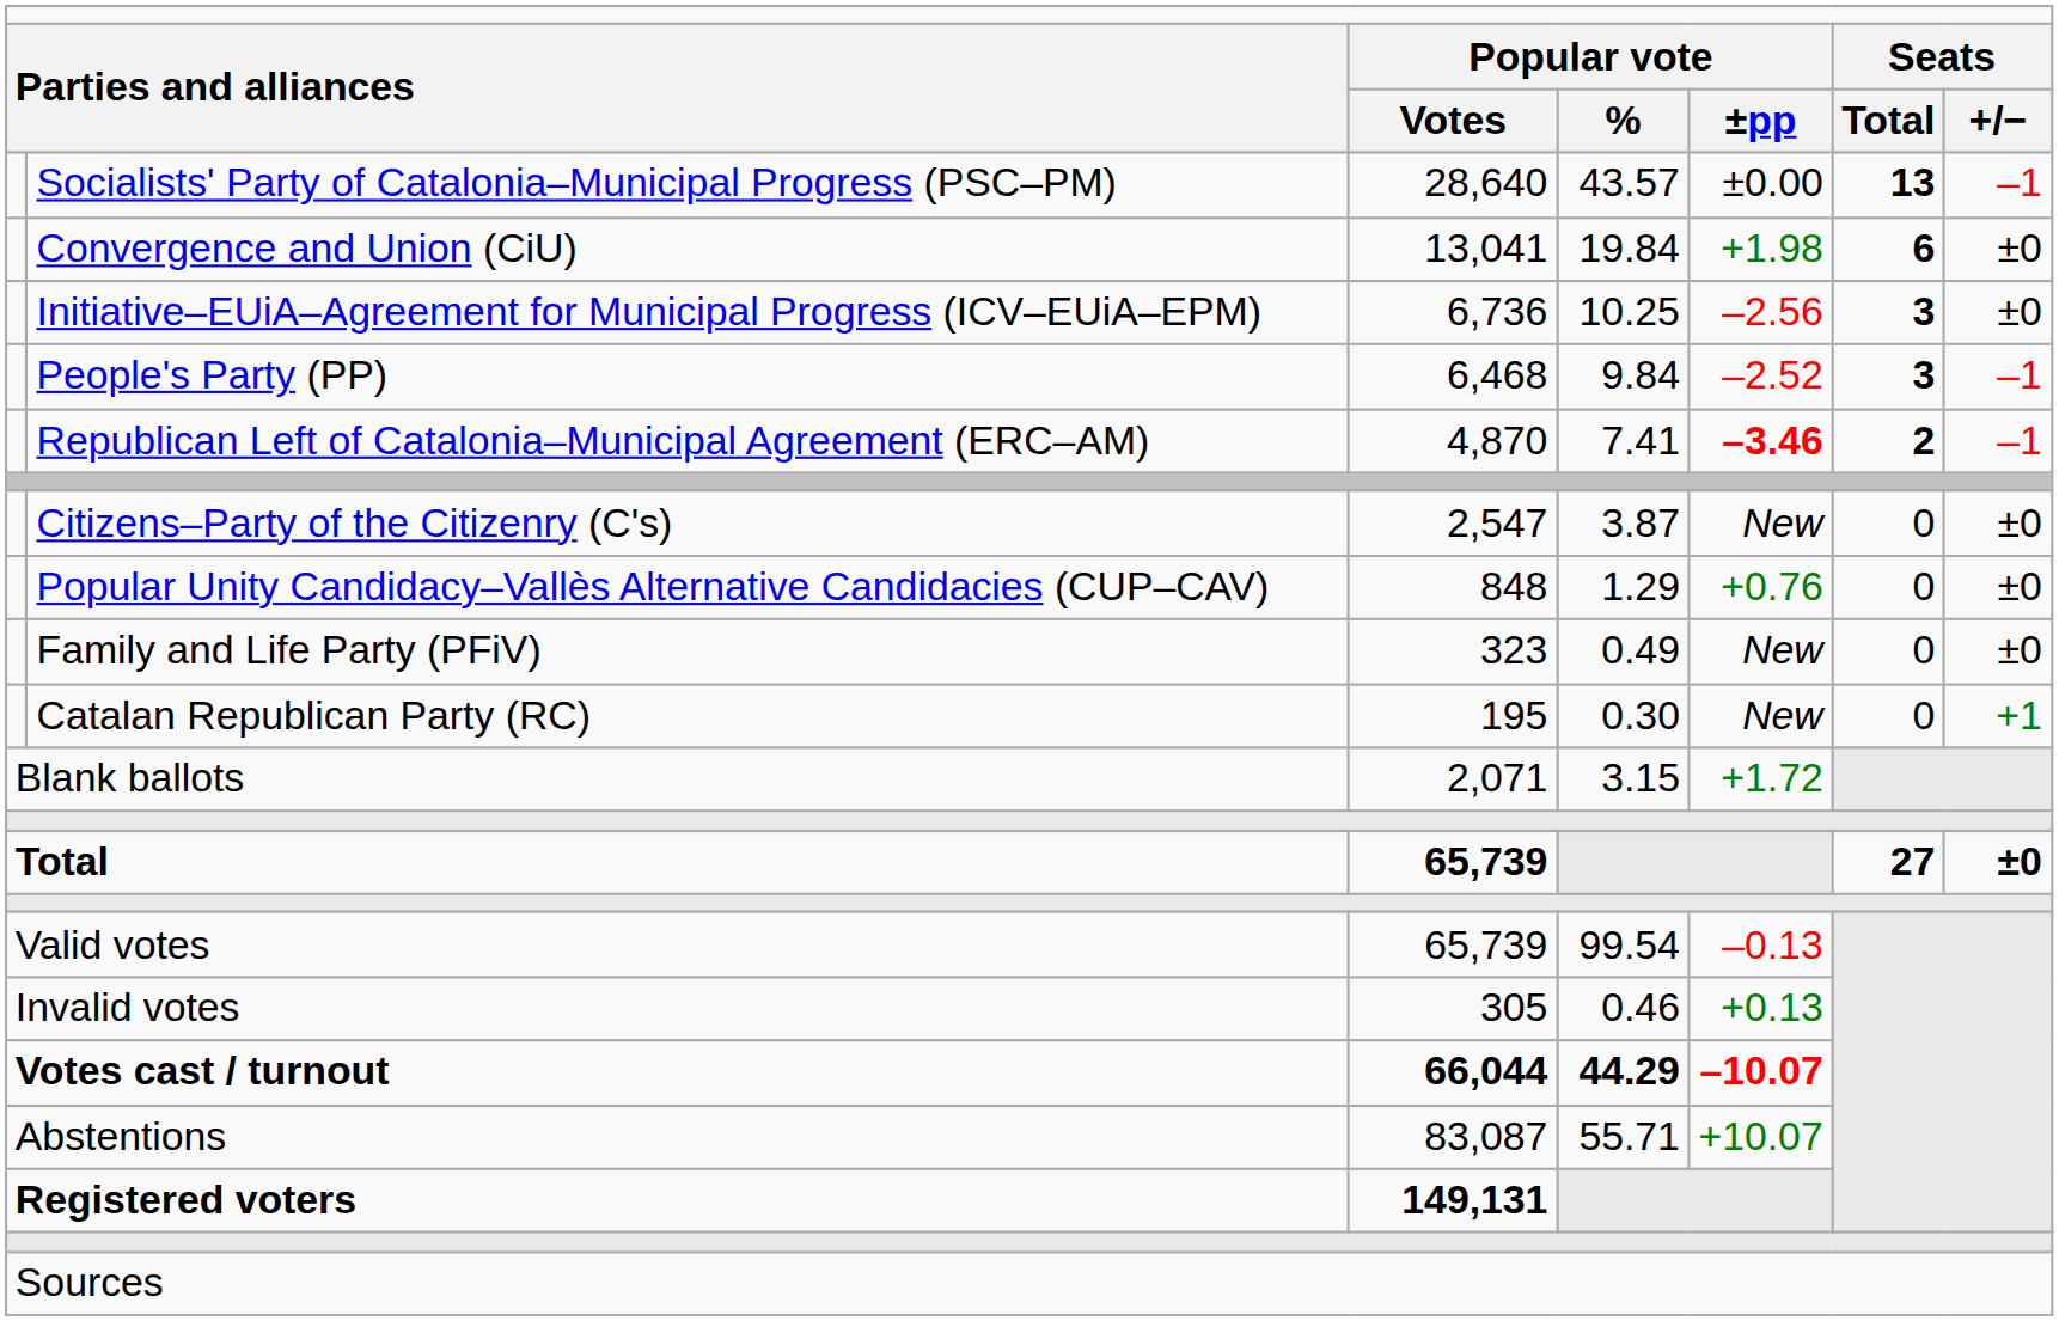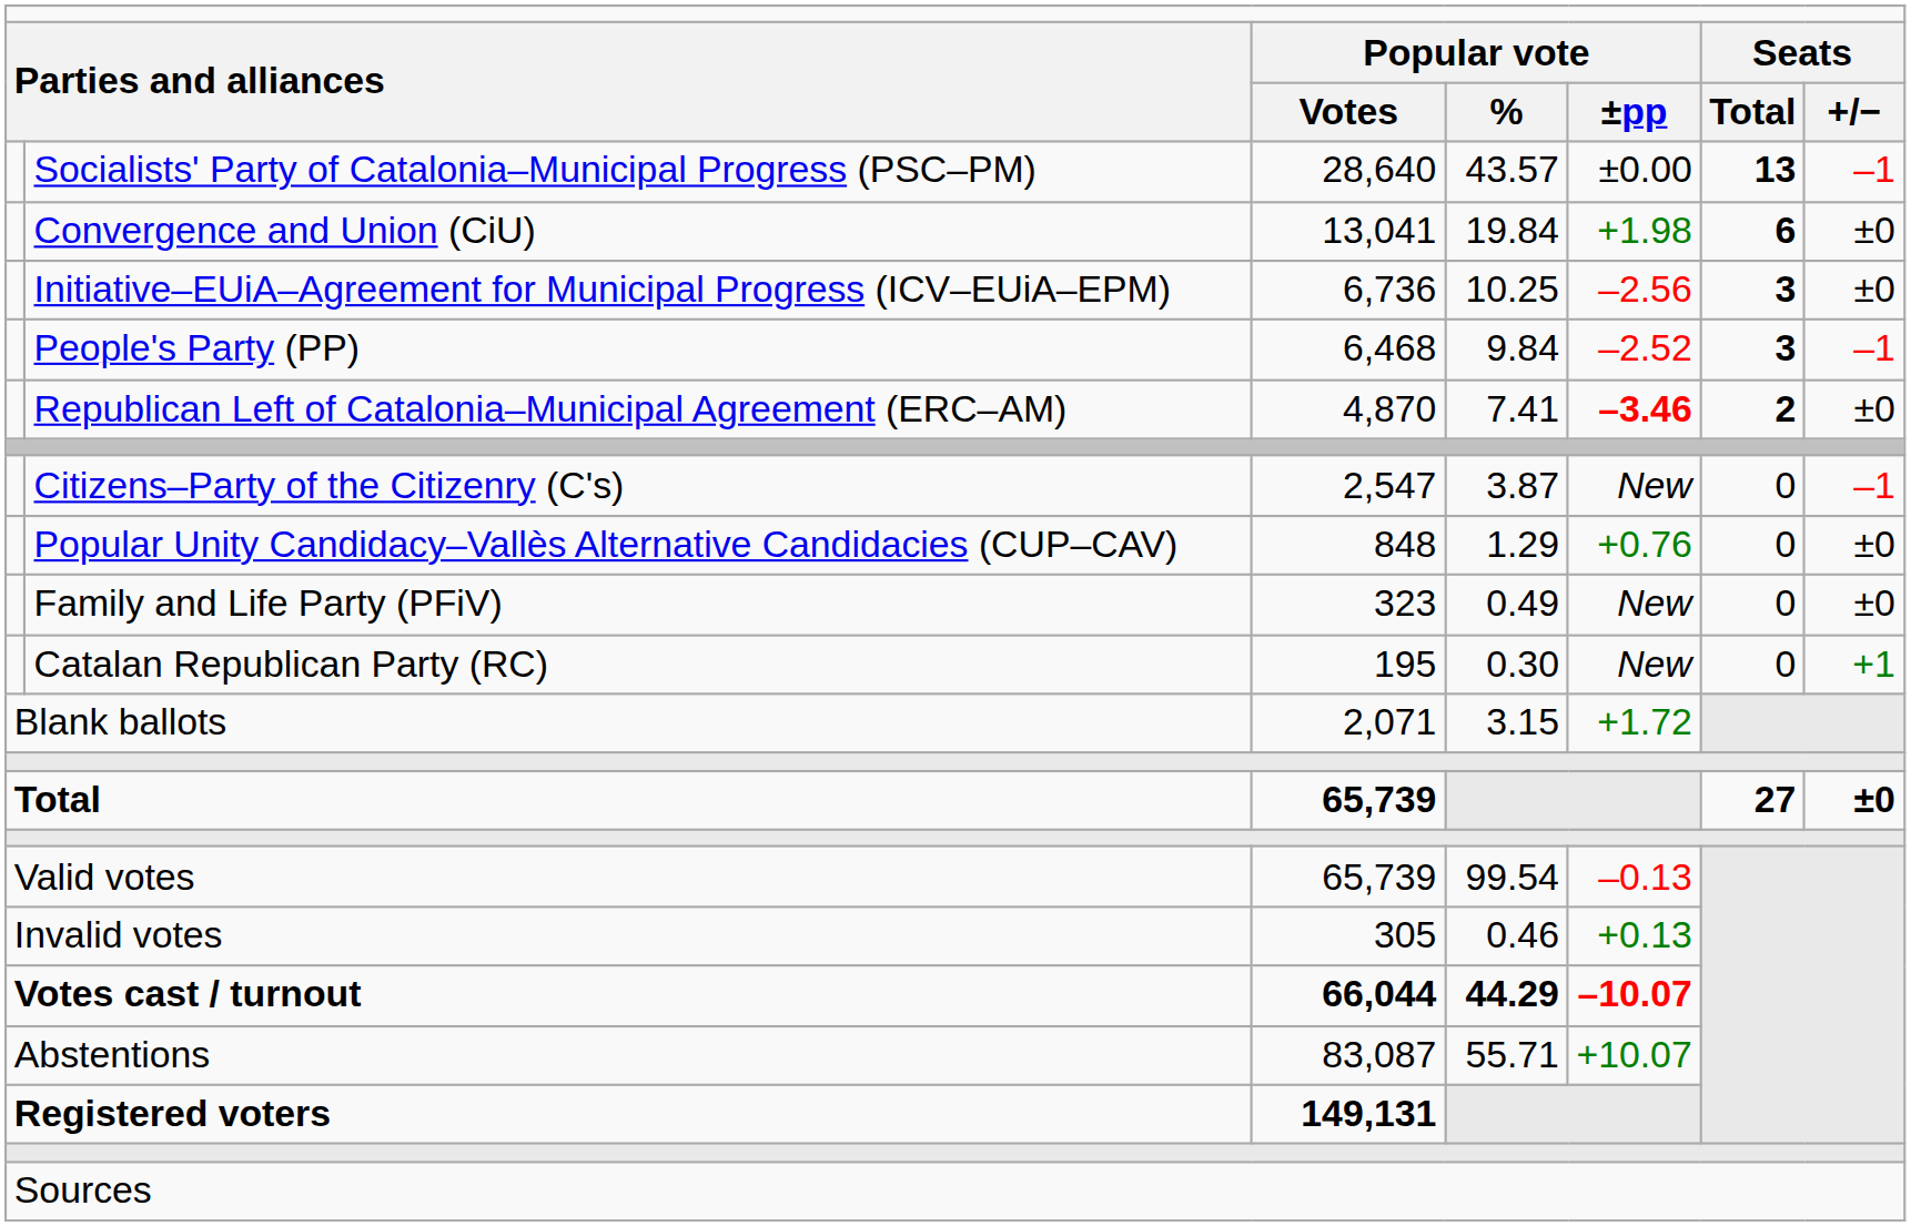 <table class="wikitable" style="text-align:right;">
 <tr>
 <td colspan="7"></td>
 </tr>
 <tr>
 <th style="text-align:left;" rowspan="2" colspan="2" width="525">Parties and alliances</th>
 <th colspan="3">Popular vote</th>
 <th colspan="2">Seats</th>
 </tr>
 <tr>
 <th width="75">Votes</th>
 <th width="45">%</th>
 <th width="45">±<a href='#'>pp</a></th>
 <th width="35">Total</th>
 <th width="35">+/−</th>
 </tr>
 <tr>
 <td width="1" style="color:inherit;background:"></td>
 <td align="left"><a href='#'>Socialists' Party of Catalonia–Municipal Progress</a> (PSC–PM)</td>
 <td>28,640</td>
 <td>43.57</td>
 <td>±0.00</td>
 <td><strong>13</strong></td>
 <td style="color:red;">–1</td>
 </tr>
 <tr>
 <td style="color:inherit;background:"></td>
 <td align="left"><a href='#'>Convergence and Union</a> (CiU)</td>
 <td>13,041</td>
 <td>19.84</td>
 <td style="color:green;">+1.98</td>
 <td><strong>6</strong></td>
 <td>±0</td>
 </tr>
 <tr>
 <td style="color:inherit;background:"></td>
 <td align="left"><a href='#'>Initiative–EUiA–Agreement for Municipal Progress</a> (ICV–EUiA–EPM)</td>
 <td>6,736</td>
 <td>10.25</td>
 <td style="color:red;">–2.56</td>
 <td><strong>3</strong></td>
 <td>±0</td>
 </tr>
 <tr>
 <td style="color:inherit;background:"></td>
 <td align="left"><a href='#'>People's Party</a> (PP)</td>
 <td>6,468</td>
 <td>9.84</td>
 <td style="color:red;">–2.52</td>
 <td><strong>3</strong></td>
 <td style="color:red;">–1</td>
 </tr>
 <tr>
 <td style="color:inherit;background:"></td>
 <td align="left"><a href='#'>Republican Left of Catalonia–Municipal Agreement</a> (ERC–AM)</td>
 <td>4,870</td>
 <td>7.41</td>
 <td style="color:red;"><strong>–3.46</strong></td>
 <td><strong>2</strong></td>
-<td style="color:red;">–1</td>
+<td>±0</td>
 </tr>
 <tr>
 <td colspan="7" style="color:inherit;background:#C0C0C0"></td>
 </tr>
 <tr>
 <td style="color:inherit;background:"></td>
 <td align="left"><a href='#'>Citizens–Party of the Citizenry</a> (C's)</td>
 <td>2,547</td>
 <td>3.87</td>
 <td><em>New</em></td>
 <td>0</td>
-<td>±0</td>
+<td style="color:red;">–1</td>
 </tr>
 <tr>
 <td style="color:inherit;background:"></td>
 <td align="left"><a href='#'>Popular Unity Candidacy–Vallès Alternative Candidacies</a> (CUP–CAV)</td>
 <td>848</td>
 <td>1.29</td>
 <td style="color:green;">+0.76</td>
 <td>0</td>
 <td>±0</td>
 </tr>
 <tr>
 <td style="color:inherit;background:"></td>
 <td align="left">Family and Life Party (PFiV)</td>
 <td>323</td>
 <td>0.49</td>
 <td><em>New</em></td>
 <td>0</td>
 <td>±0</td>
 </tr>
 <tr>
 <td style="color:inherit;background:"></td>
 <td align="left">Catalan Republican Party (RC)</td>
 <td>195</td>
 <td>0.30</td>
 <td><em>New</em></td>
 <td>0</td>
 <td style="color:green;">+1</td>
 </tr>
 <tr>
 <td align="left" colspan="2">Blank ballots</td>
 <td>2,071</td>
 <td>3.15</td>
 <td style="color:green;">+1.72</td>
 <td style="color:inherit;background:#E9E9E9" colspan="2"></td>
 </tr>
 <tr>
 <td colspan="7" style="color:inherit;background:#E9E9E9"></td>
 </tr>
 <tr style="font-weight:bold;">
 <td align="left" colspan="2">Total</td>
 <td>65,739</td>
 <td bgcolor="#E9E9E9" colspan="2"></td>
 <td>27</td>
 <td>±0</td>
 </tr>
 <tr>
 <td colspan="7" style="color:inherit;background:#E9E9E9"></td>
 </tr>
 <tr>
 <td align="left" colspan="2">Valid votes</td>
 <td>65,739</td>
 <td>99.54</td>
 <td style="color:red;">–0.13</td>
 <td bgcolor="#E9E9E9" colspan="2" rowspan="5"></td>
 </tr>
 <tr>
 <td align="left" colspan="2">Invalid votes</td>
 <td>305</td>
 <td>0.46</td>
 <td style="color:green;">+0.13</td>
 </tr>
 <tr style="font-weight:bold;">
 <td align="left" colspan="2">Votes cast / turnout</td>
 <td>66,044</td>
 <td>44.29</td>
 <td style="color:red;">–10.07</td>
 </tr>
 <tr>
 <td align="left" colspan="2">Abstentions</td>
 <td>83,087</td>
 <td>55.71</td>
 <td style="color:green;">+10.07</td>
 </tr>
 <tr style="font-weight:bold;">
 <td align="left" colspan="2">Registered voters</td>
 <td>149,131</td>
 <td bgcolor="#E9E9E9" colspan="2"></td>
 </tr>
 <tr>
 <td colspan="7" style="color:inherit;background:#E9E9E9"></td>
 </tr>
 <tr>
 <td align="left" colspan="7">Sources</td>
 </tr>
 </table>
